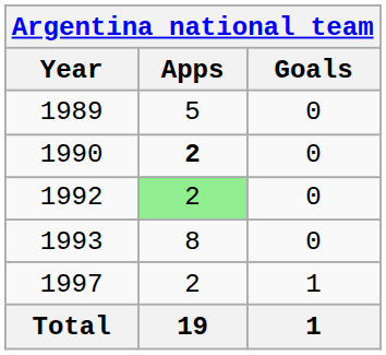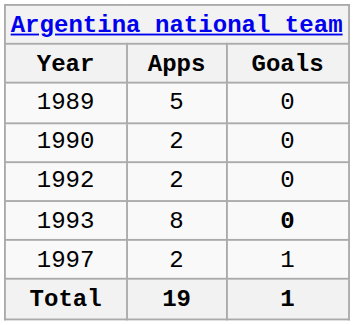 <table class="wikitable" style="text-align:center">
 <tr>
 <th colspan=3><a href='#'>Argentina national team</a></th>
 </tr>
 <tr>
 <th>Year</th>
 <th>Apps</th>
 <th>Goals</th>
 </tr>
 <tr>
 <td>1989</td>
 <td>5</td>
 <td>0</td>
 </tr>
 <tr>
 <td>1990</td>
-<td><strong>2</strong></td>
+<td>2</td>
 <td>0</td>
 </tr>
 <tr>
 <td>1992</td>
-<td style="background: lightgreen;">2</td>
+<td>2</td>
 <td>0</td>
 </tr>
 <tr>
 <td>1993</td>
 <td>8</td>
-<td>0</td>
+<td><strong>0</strong></td>
 </tr>
 <tr>
 <td>1997</td>
 <td>2</td>
 <td>1</td>
 </tr>
 <tr>
 <th>Total</th>
 <th>19</th>
 <th>1</th>
 </tr>
 </table>
